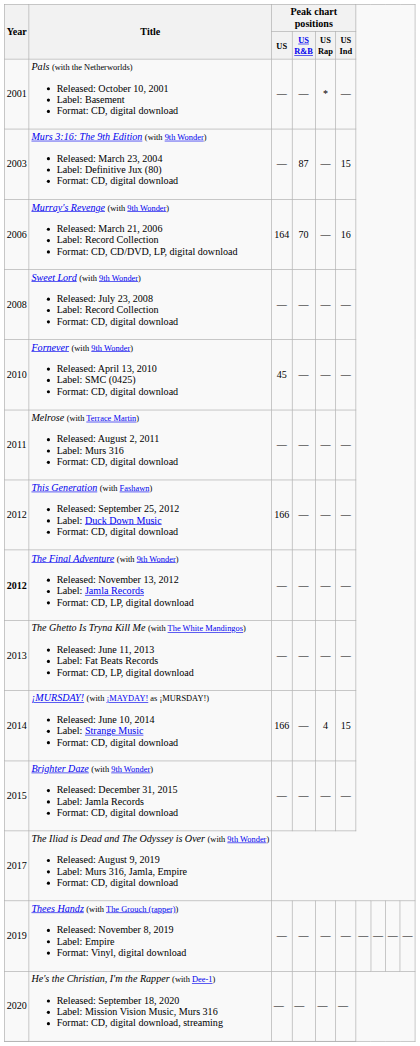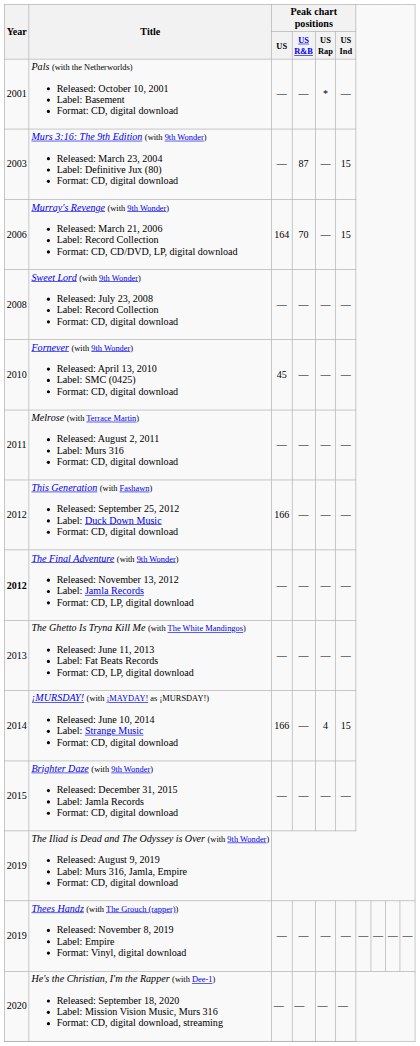 <table class="wikitable">
 <tr>
 <th style="text-align:center;" rowspan="2">Year</th>
 <th style="text-align:center;" rowspan="2">Title</th>
 <th style="text-align:center;" colspan="4">Peak chart positions</th>
 </tr>
 <tr>
 <th style="text-align:center; width:25px;"><small>US</small><br></th>
 <th style="text-align:center; width:25px;"><small><a href='#'>US R&B</a></small><br></th>
 <th style="text-align:center; width:25px;"><small>US Rap</small><br></th>
 <th style="text-align:center; width:25px;"><small>US Ind</small><br></th>
 </tr>
 <tr>
 <td align=center>2001</td>
 <td><em>Pals</em> <small>(with the Netherworlds)</small><br><ul><li>Released: October 10, 2001</li><li>Label: Basement</li><li>Format: CD, digital download</li></ul></td>
 <td align=center>—</td>
 <td align=center>—</td>
 <td align=center>*</td>
 <td align=center>—</td>
 </tr>
 <tr>
 <td align=center>2003</td>
 <td><em><a href='#'>Murs 3:16: The 9th Edition</a></em> <small>(with <a href='#'>9th Wonder</a>)</small><br><ul><li>Released: March 23, 2004</li><li>Label: Definitive Jux (80)</li><li>Format: CD, digital download</li></ul></td>
 <td align=center>—</td>
 <td align=center>87</td>
 <td align=center>—</td>
 <td align=center>15</td>
 </tr>
 <tr>
 <td align=center>2006</td>
 <td align=left><em><a href='#'>Murray's Revenge</a></em> <small>(with <a href='#'>9th Wonder</a>)</small><br><ul><li>Released: March 21, 2006</li><li>Label: Record Collection</li><li>Format: CD, CD/DVD, LP, digital download</li></ul></td>
 <td align=center>164</td>
 <td align=center>70</td>
 <td align=center>—</td>
-<td align=center>16</td>
+<td align=center>15</td>
 </tr>
 <tr>
 <td align=center>2008</td>
 <td align=left><em><a href='#'>Sweet Lord</a></em> <small>(with <a href='#'>9th Wonder</a>)</small><br><ul><li>Released: July 23, 2008</li><li>Label: Record Collection</li><li>Format: CD, digital download</li></ul></td>
 <td align=center>—</td>
 <td align=center>—</td>
 <td align=center>—</td>
 <td align=center>—</td>
 </tr>
 <tr>
 <td align=center>2010</td>
 <td align=left><em><a href='#'>Fornever</a></em> <small>(with <a href='#'>9th Wonder</a>)</small><br><ul><li>Released: April 13, 2010</li><li>Label: SMC (0425)</li><li>Format: CD, digital download</li></ul></td>
 <td align=center>45</td>
 <td align=center>—</td>
 <td align=center>—</td>
 <td align=center>—</td>
 </tr>
 <tr>
 <td align=center>2011</td>
 <td align=left><em>Melrose</em> <small>(with <a href='#'>Terrace Martin</a>)</small><br><ul><li>Released: August 2, 2011</li><li>Label: Murs 316</li><li>Format: CD, digital download</li></ul></td>
 <td align=center>—</td>
 <td align=center>—</td>
 <td align=center>—</td>
 <td align=center>—</td>
 </tr>
 <tr>
 <td align=center>2012</td>
 <td align=left><em><a href='#'>This Generation</a></em> <small>(with <a href='#'>Fashawn</a>)</small><br><ul><li>Released: September 25, 2012</li><li>Label: <a href='#'>Duck Down Music</a></li><li>Format: CD, digital download</li></ul></td>
 <td align=center>166</td>
 <td align=center>—</td>
 <td align=center>—</td>
 <td align=center>—</td>
 </tr>
 <tr>
 <td align=center><strong>2012</strong></td>
 <td align=left><em><a href='#'>The Final Adventure</a></em> <small>(with <a href='#'>9th Wonder</a>)</small><br><ul><li>Released: November 13, 2012</li><li>Label: <a href='#'>Jamla Records</a></li><li>Format: CD, LP, digital download</li></ul></td>
 <td align=center>—</td>
 <td align=center>—</td>
 <td align=center>—</td>
 <td align=center>—</td>
 </tr>
 <tr>
 <td align=center>2013</td>
 <td align=left><em>The Ghetto Is Tryna Kill Me</em> <small>(with <a href='#'>The White Mandingos</a>)</small><br><ul><li>Released: June 11, 2013</li><li>Label: Fat Beats Records</li><li>Format: CD, LP, digital download</li></ul></td>
 <td align=center>—</td>
 <td align=center>—</td>
 <td align=center>—</td>
 <td align=center>—</td>
 </tr>
 <tr>
 <td align=center>2014</td>
 <td align=left><em><a href='#'>¡MURSDAY!</a></em> <small>(with <a href='#'>¡MAYDAY!</a> as ¡MURSDAY!)</small><br><ul><li>Released: June 10, 2014</li><li>Label: <a href='#'>Strange Music</a></li><li>Format: CD, digital download</li></ul></td>
 <td align=center>166</td>
 <td align=center>—</td>
 <td align=center>4</td>
 <td align=center>15</td>
 </tr>
 <tr>
 <td align=center>2015</td>
 <td><em><a href='#'>Brighter Daze</a></em> <small>(with <a href='#'>9th Wonder</a>)</small><br><ul><li>Released: December 31, 2015</li><li>Label: Jamla Records</li><li>Format: CD, digital download</li></ul></td>
 <td align=center>—</td>
 <td align=center>—</td>
 <td align=center>—</td>
 <td align=center>—</td>
 </tr>
 <tr>
-<td>2017</td>
+<td>2019</td>
 <td><em>The Iliad is Dead and The Odyssey is Over</em> <small>(with <a href='#'>9th Wonder</a>)</small><br><ul><li>Released: August 9, 2019</li><li>Label: Murs 316, Jamla, Empire</li><li>Format: CD, digital download</li></ul></td>
 </tr>
 <tr>
 <td align=center>2019</td>
 <td><em><a href='#'>Thees Handz</a></em> <small>(with <a href='#'>The Grouch (rapper)</a>)</small><br><ul><li>Released: November 8, 2019</li><li>Label: Empire</li><li>Format: Vinyl, digital download</li></ul></td>
 <td align=center>—</td>
 <td align=center>—</td>
 <td align=center>—</td>
 <td align=center>—</td>
 <td>—</td>
 <td>—</td>
 <td>—</td>
 <td>—</td>
 </tr>
 <tr>
 <td>2020</td>
 <td><em>He's the Christian, I'm the Rapper</em> <small>(with <a href='#'>Dee-1</a>)</small><br><ul><li>Released: September 18, 2020</li><li>Label: Mission Vision Music, Murs 316</li><li>Format: CD, digital download, streaming</li></ul></td>
 <td>—</td>
 <td>—</td>
 <td>—</td>
 <td>—</td>
 </tr>
 <tr>
 </tr>
 </table>
